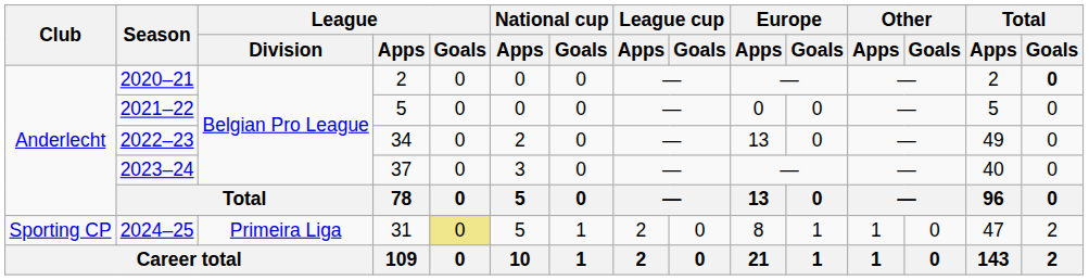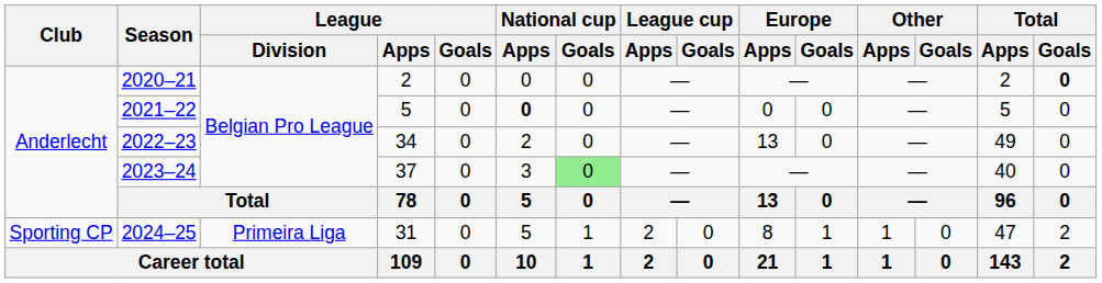 <table class="wikitable" style="text-align: center;">
 <tr>
 <th rowspan="2">Club</th>
 <th rowspan="2">Season</th>
 <th colspan="3">League</th>
 <th colspan="2">National cup</th>
 <th colspan="2">League cup</th>
 <th colspan="2">Europe</th>
 <th colspan="2">Other</th>
 <th colspan="2">Total</th>
 </tr>
 <tr>
 <th>Division</th>
 <th>Apps</th>
 <th>Goals</th>
 <th>Apps</th>
 <th>Goals</th>
 <th>Apps</th>
 <th>Goals</th>
 <th>Apps</th>
 <th>Goals</th>
 <th>Apps</th>
 <th>Goals</th>
 <th>Apps</th>
 <th>Goals</th>
 </tr>
 <tr>
 <td rowspan="5"><a href='#'>Anderlecht</a></td>
 <td><a href='#'>2020–21</a></td>
 <td rowspan="4"><a href='#'>Belgian Pro League</a></td>
 <td>2</td>
 <td>0</td>
 <td>0</td>
 <td>0</td>
 <td colspan="2">—</td>
 <td colspan="2">—</td>
 <td colspan="2">—</td>
 <td>2</td>
 <td><strong>0</strong></td>
 </tr>
 <tr>
 <td><a href='#'>2021–22</a></td>
 <td>5</td>
 <td>0</td>
-<td>0</td>
+<td><strong>0</strong></td>
 <td>0</td>
 <td colspan="2">—</td>
 <td>0</td>
 <td>0</td>
 <td colspan="2">—</td>
 <td>5</td>
 <td>0</td>
 </tr>
 <tr>
 <td><a href='#'>2022–23</a></td>
 <td>34</td>
 <td>0</td>
 <td>2</td>
 <td>0</td>
 <td colspan="2">—</td>
 <td>13</td>
 <td>0</td>
 <td colspan="2">—</td>
 <td>49</td>
 <td>0</td>
 </tr>
 <tr>
 <td><a href='#'>2023–24</a></td>
 <td>37</td>
 <td>0</td>
 <td>3</td>
-<td>0</td>
+<td style="background: lightgreen;">0</td>
 <td colspan="2">—</td>
 <td colspan="2">—</td>
 <td colspan="2">—</td>
 <td>40</td>
 <td>0</td>
 </tr>
 <tr>
 <th colspan="2">Total</th>
 <th>78</th>
 <th>0</th>
 <th>5</th>
 <th>0</th>
 <th colspan="2">—</th>
 <th>13</th>
 <th>0</th>
 <th colspan="2">—</th>
 <th>96</th>
 <th>0</th>
 </tr>
 <tr>
 <td><a href='#'>Sporting CP</a></td>
 <td><a href='#'>2024–25</a></td>
 <td><a href='#'>Primeira Liga</a></td>
 <td>31</td>
-<td style="background: khaki;">0</td>
+<td>0</td>
 <td>5</td>
 <td>1</td>
 <td>2</td>
 <td>0</td>
 <td>8</td>
 <td>1</td>
 <td>1</td>
 <td>0</td>
 <td>47</td>
 <td>2</td>
 </tr>
 <tr>
 <th colspan="3">Career total</th>
 <th>109</th>
 <th>0</th>
 <th>10</th>
 <th>1</th>
 <th>2</th>
 <th>0</th>
 <th>21</th>
 <th>1</th>
 <th>1</th>
 <th>0</th>
 <th>143</th>
 <th>2</th>
 </tr>
 </table>
